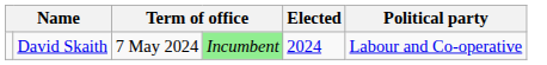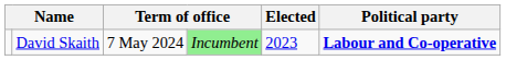 <table class="wikitable">
 <tr>
 <th colspan="2">Name</th>
 <th colspan="2">Term of office</th>
 <th>Elected</th>
 <th>Political party</th>
 </tr>
 <tr>
 <td style="background-color: "></td>
 <td><a href='#'>David Skaith</a></td>
 <td>7 May 2024</td>
 <td style="background: lightgreen;"><em>Incumbent</em></td>
-<td><a href='#'>2024</a></td>
-<td><a href='#'>Labour and Co-operative</a></td>
+<td><a href='#'>2023</a></td>
+<td><strong><a href='#'>Labour and Co-operative</a></strong></td>
 </tr>
 </table>
